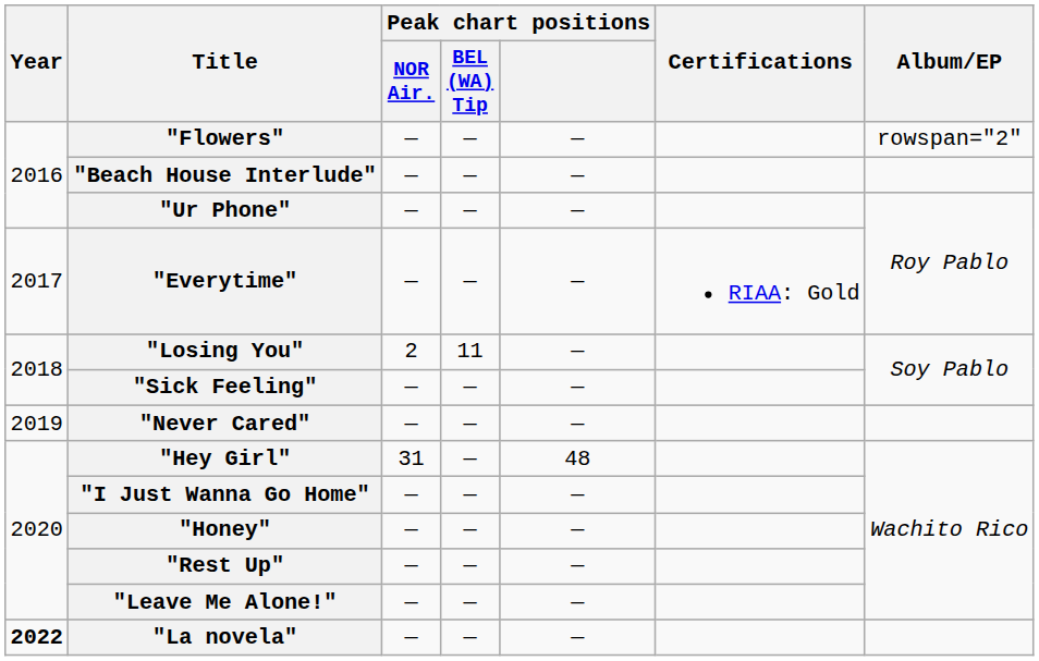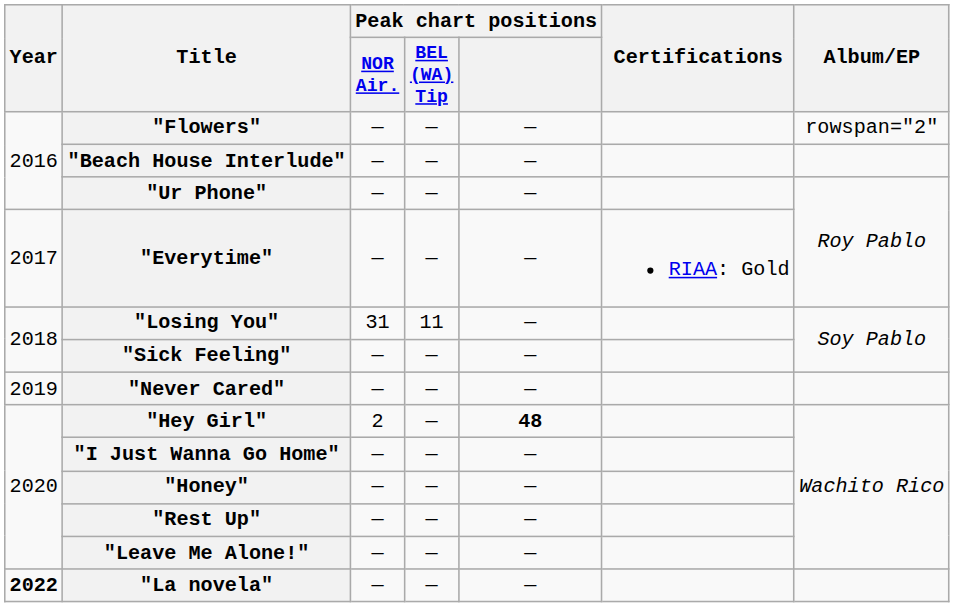 <table class="wikitable plainrowheaders" style="text-align:center;">
 <tr>
 <th rowspan="2" scope="col">Year</th>
 <th rowspan="2" scope="col">Title</th>
 <th colspan="3">Peak chart positions</th>
 <th rowspan="2">Certifications</th>
 <th rowspan="2" scope="col">Album/EP</th>
 </tr>
 <tr>
 <th scope="col" style="width:2.5em;font-size:90%;"><a href='#'>NOR<br>Air.</a><br></th>
 <th scope="col" style="width:2.5em;font-size:90%;"><a href='#'>BEL<br>(WA)<br>Tip</a><br></th>
 <th><br></th>
 </tr>
 <tr>
 <td rowspan="3">2016</td>
 <th scope="row">"Flowers"</th>
 <td>—</td>
 <td>—</td>
 <td>—</td>
 <td></td>
 <td>rowspan="2" </td>
 </tr>
 <tr>
 <th scope="row">"Beach House Interlude"</th>
 <td>—</td>
 <td>—</td>
 <td>—</td>
 <td></td>
 </tr>
 <tr>
 <th scope="row">"Ur Phone"</th>
 <td>—</td>
 <td>—</td>
 <td>—</td>
 <td></td>
 <td rowspan="2"><em>Roy Pablo</em></td>
 </tr>
 <tr>
 <td>2017</td>
 <th scope="row">"Everytime"</th>
 <td>—</td>
 <td>—</td>
 <td>—</td>
 <td><br><ul><li><a href='#'>RIAA</a>: Gold</li></ul></td>
 </tr>
 <tr>
 <td rowspan="2">2018</td>
 <th scope="row">"Losing You"</th>
-<td>2</td>
+<td>31</td>
 <td>11</td>
 <td>—</td>
 <td></td>
 <td rowspan="2"><em>Soy Pablo</em></td>
 </tr>
 <tr>
 <th scope="row">"Sick Feeling"</th>
 <td>—</td>
 <td>—</td>
 <td>—</td>
 <td></td>
 </tr>
 <tr>
 <td>2019</td>
 <th scope="row">"Never Cared" </th>
 <td>—</td>
 <td>—</td>
 <td>—</td>
 <td></td>
 <td></td>
 </tr>
 <tr>
 <td rowspan="5">2020</td>
 <th scope="row">"Hey Girl"</th>
-<td>31</td>
+<td>2</td>
 <td>—</td>
-<td>48</td>
+<td><strong>48</strong></td>
 <td></td>
 <td rowspan="5"><em>Wachito Rico</em></td>
 </tr>
 <tr>
 <th scope="row">"I Just Wanna Go Home"</th>
 <td>—</td>
 <td>—</td>
 <td>—</td>
 <td></td>
 </tr>
 <tr>
 <th scope="row">"Honey"</th>
 <td>—</td>
 <td>—</td>
 <td>—</td>
 <td></td>
 </tr>
 <tr>
 <th scope="row">"Rest Up"</th>
 <td>—</td>
 <td>—</td>
 <td>—</td>
 <td></td>
 </tr>
 <tr>
 <th scope="row">"Leave Me Alone!"</th>
 <td>—</td>
 <td>—</td>
 <td>—</td>
 <td></td>
 </tr>
 <tr>
 <td><strong>2022</strong></td>
 <th scope="row">"La novela" </th>
 <td>—</td>
 <td>—</td>
 <td>—</td>
 <td></td>
 <td></td>
 </tr>
 </table>
